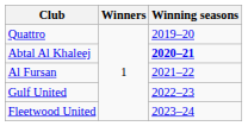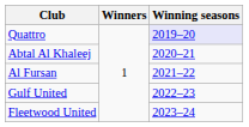 <table class="wikitable">
 <tr>
 <th>Club</th>
 <th>Winners</th>
 <th>Winning seasons</th>
 </tr>
 <tr>
 <td><a href='#'>Quattro</a></td>
 <td rowspan="5" style="text-align:center;">1</td>
-<td><a href='#'>2019–20</a></td>
+<td style="background: lavender;"><a href='#'>2019–20</a></td>
 </tr>
 <tr>
 <td><a href='#'>Abtal Al Khaleej</a></td>
-<td><strong><a href='#'>2020–21</a></strong></td>
+<td><a href='#'>2020–21</a></td>
 </tr>
 <tr>
 <td><a href='#'>Al Fursan</a></td>
 <td><a href='#'>2021–22</a></td>
 </tr>
 <tr>
 <td><a href='#'>Gulf United</a></td>
 <td><a href='#'>2022–23</a></td>
 </tr>
 <tr>
 <td><a href='#'>Fleetwood United</a></td>
 <td><a href='#'>2023–24</a></td>
 </tr>
 </table>
